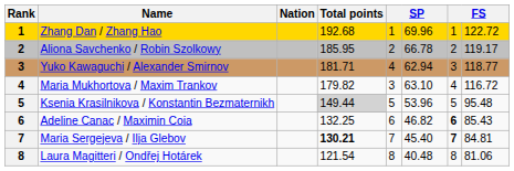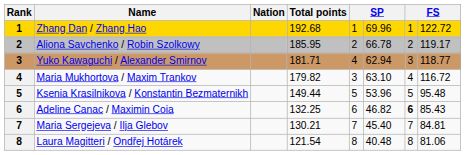 <table class="wikitable">
 <tr>
 <th>Rank</th>
 <th>Name</th>
 <th>Nation</th>
 <th>Total points</th>
 <th colspan="2" width="80px"><a href='#'>SP</a></th>
 <th colspan="2" width="80px"><a href='#'>FS</a></th>
 </tr>
 <tr bgcolor="gold">
 <td align="center"><strong>1</strong></td>
 <td><a href='#'>Zhang Dan</a> / <a href='#'>Zhang Hao</a></td>
 <td></td>
 <td>192.68</td>
 <td>1</td>
 <td>69.96</td>
 <td>1</td>
 <td>122.72</td>
 </tr>
 <tr bgcolor="silver">
 <td align="center"><strong>2</strong></td>
 <td><a href='#'>Aliona Savchenko</a> / <a href='#'>Robin Szolkowy</a></td>
 <td></td>
 <td>185.95</td>
 <td>2</td>
 <td>66.78</td>
 <td>2</td>
 <td>119.17</td>
 </tr>
 <tr bgcolor="cc9966">
 <td align="center"><strong>3</strong></td>
 <td><a href='#'>Yuko Kawaguchi</a> / <a href='#'>Alexander Smirnov</a></td>
 <td></td>
 <td>181.71</td>
 <td>4</td>
 <td>62.94</td>
 <td>3</td>
 <td>118.77</td>
 </tr>
 <tr>
 <th>4</th>
 <td><a href='#'>Maria Mukhortova</a> / <a href='#'>Maxim Trankov</a></td>
 <td></td>
 <td>179.82</td>
 <td>3</td>
 <td>63.10</td>
 <td>4</td>
 <td>116.72</td>
 </tr>
 <tr>
 <th>5</th>
 <td><a href='#'>Ksenia Krasilnikova</a> / <a href='#'>Konstantin Bezmaternikh</a></td>
 <td></td>
-<td style="background: lightgrey;">149.44</td>
+<td>149.44</td>
 <td>5</td>
 <td>53.96</td>
 <td>5</td>
 <td>95.48</td>
 </tr>
 <tr>
 <th>6</th>
 <td><a href='#'>Adeline Canac</a> / <a href='#'>Maximin Coia</a></td>
 <td></td>
 <td>132.25</td>
 <td>6</td>
 <td>46.82</td>
 <td><strong>6</strong></td>
 <td>85.43</td>
 </tr>
 <tr>
 <th>7</th>
 <td><a href='#'>Maria Sergejeva</a> / <a href='#'>Ilja Glebov</a></td>
 <td></td>
-<td><strong>130.21</strong></td>
+<td>130.21</td>
 <td>7</td>
 <td>45.40</td>
-<td><strong>7</strong></td>
+<td>7</td>
 <td>84.81</td>
 </tr>
 <tr>
 <th>8</th>
 <td><a href='#'>Laura Magitteri</a> / <a href='#'>Ondřej Hotárek</a></td>
 <td></td>
 <td>121.54</td>
 <td>8</td>
 <td>40.48</td>
 <td>8</td>
 <td>81.06</td>
 </tr>
 </table>
